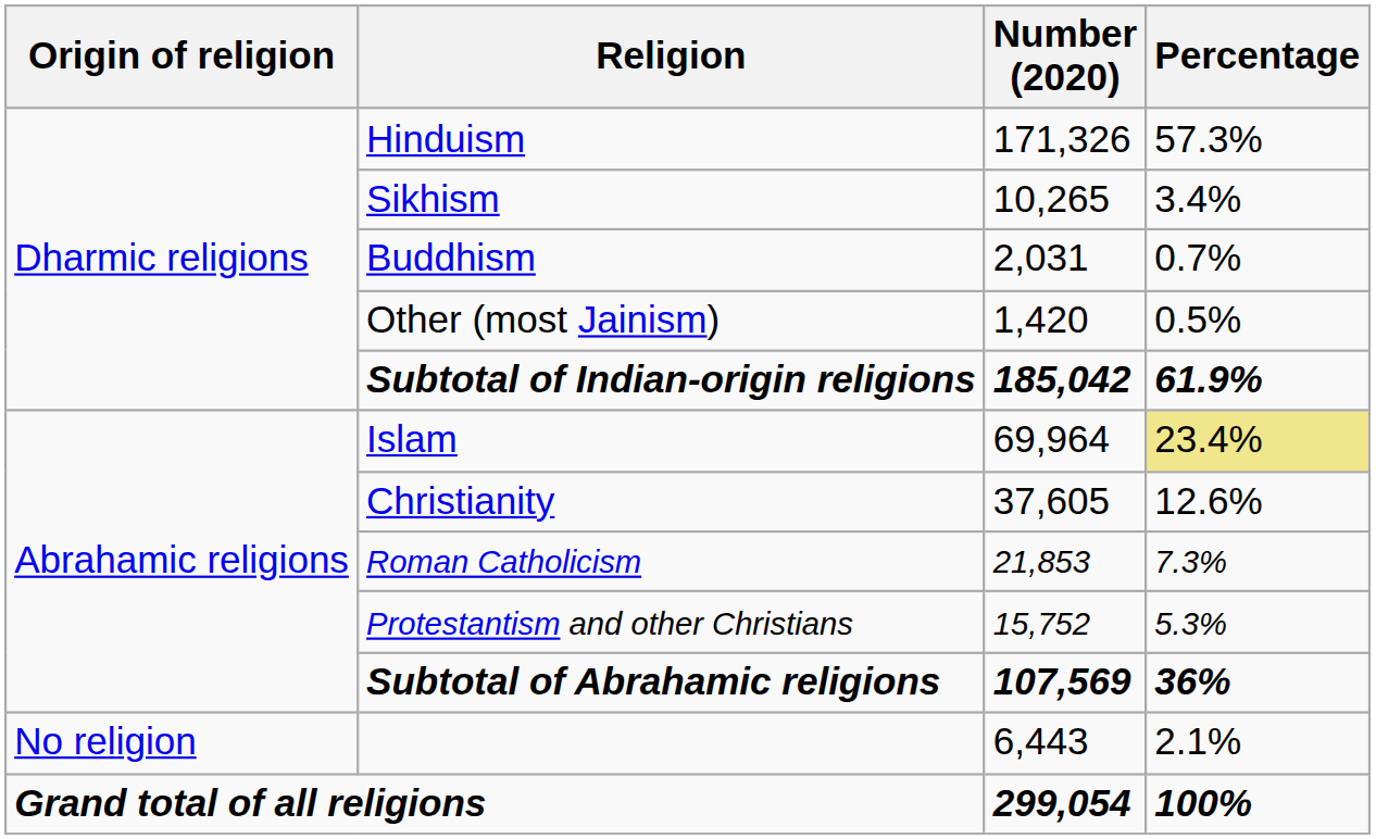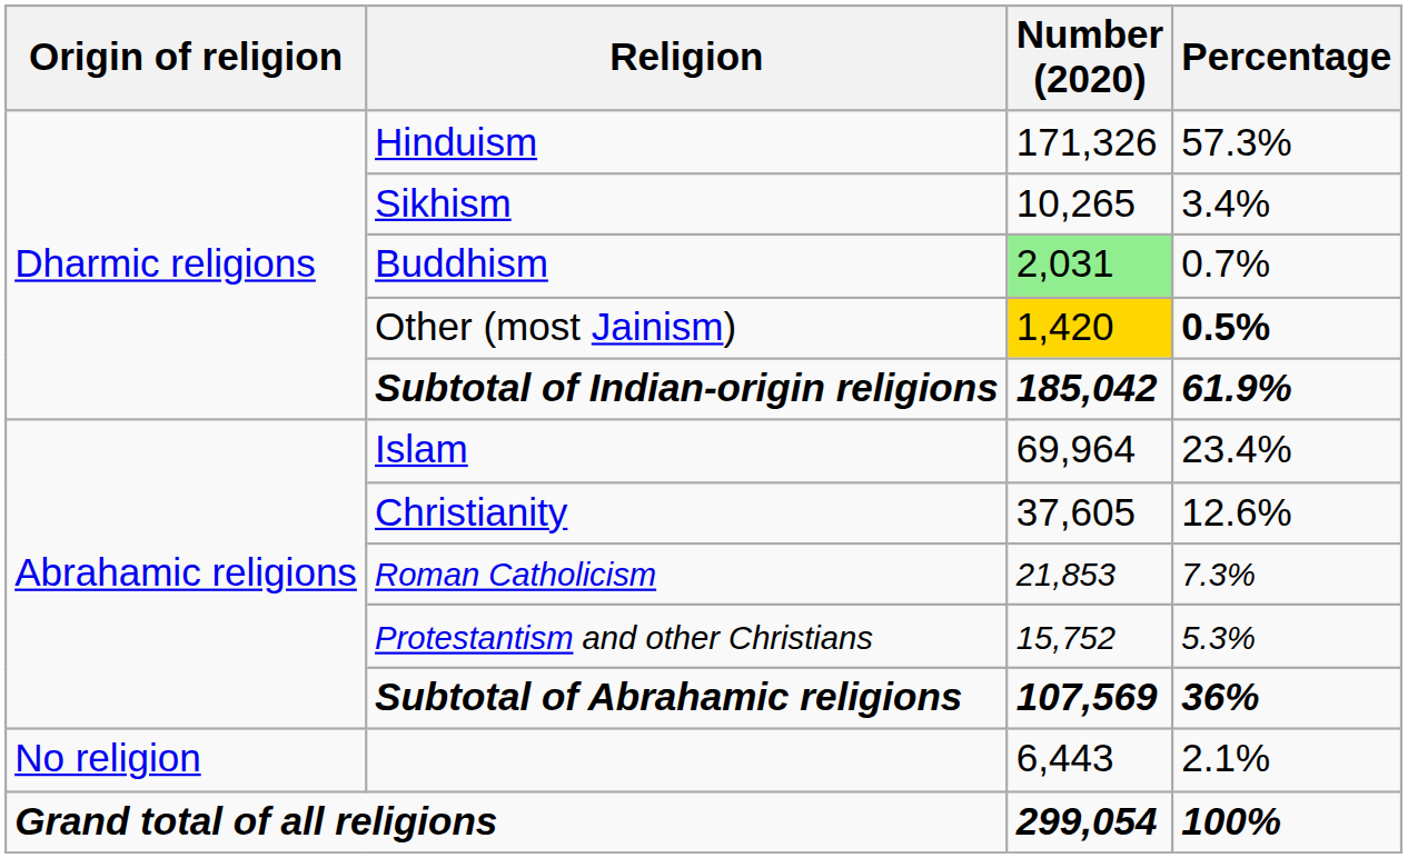 <table class="wikitable">
 <tr>
 <th>Origin of religion</th>
 <th>Religion</th>
 <th>Number <br> (2020)</th>
 <th>Percentage</th>
 </tr>
 <tr>
 <td rowspan=5><a href='#'>Dharmic religions</a></td>
 <td><a href='#'>Hinduism</a></td>
 <td>171,326</td>
 <td>57.3%</td>
 </tr>
 <tr>
 <td><a href='#'>Sikhism</a></td>
 <td>10,265</td>
 <td>3.4%</td>
 </tr>
 <tr>
 <td><a href='#'>Buddhism</a></td>
-<td>2,031</td>
+<td style="background: lightgreen;">2,031</td>
 <td>0.7%</td>
 </tr>
 <tr>
 <td>Other (most <a href='#'>Jainism</a>)</td>
-<td>1,420</td>
-<td>0.5%</td>
+<td style="background: gold;">1,420</td>
+<td><strong>0.5%</strong></td>
 </tr>
 <tr>
 <td><strong><em>Subtotal of Indian-origin religions</em></strong></td>
 <td><strong><em>185,042</em></strong></td>
 <td><strong><em>61.9%</em></strong></td>
 </tr>
 <tr>
 <td rowspan=5><a href='#'>Abrahamic religions</a></td>
 <td><a href='#'>Islam</a></td>
 <td>69,964</td>
-<td style="background: khaki;">23.4%</td>
+<td>23.4%</td>
 </tr>
 <tr>
 <td><a href='#'>Christianity</a></td>
 <td>37,605</td>
 <td>12.6%</td>
 </tr>
 <tr>
 <td><small><em><a href='#'>Roman Catholicism</a></em></small></td>
 <td><small><em>21,853</em></small></td>
 <td><small><em>7.3%</em></small></td>
 </tr>
 <tr>
 <td><small><em><a href='#'>Protestantism</a> and other Christians</em></small></td>
 <td><small><em>15,752</em></small></td>
 <td><small><em>5.3%</em></small></td>
 </tr>
 <tr>
 <td><strong><em>Subtotal of Abrahamic religions</em></strong></td>
 <td><strong><em>107,569</em></strong></td>
 <td><strong><em>36%</em></strong></td>
 </tr>
 <tr>
 <td><a href='#'>No religion</a></td>
 <td></td>
 <td>6,443</td>
 <td>2.1%</td>
 </tr>
 <tr>
 <td colspan=2><strong><em>Grand total of all religions</em></strong></td>
 <td><strong><em>299,054</em></strong></td>
 <td><strong><em>100%</em></strong></td>
 </tr>
 </table>
